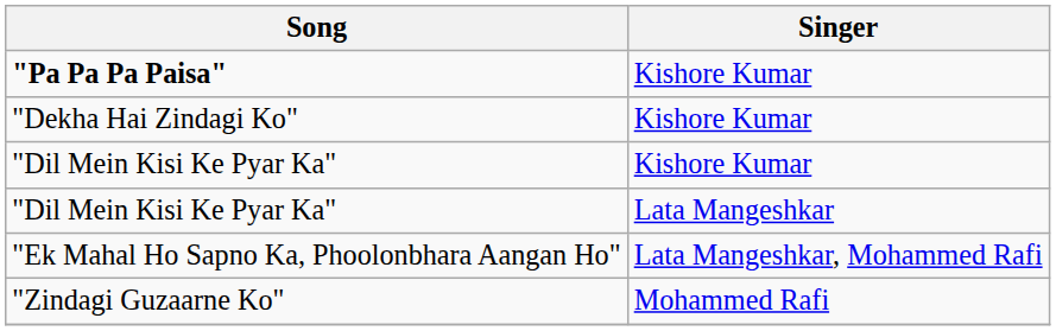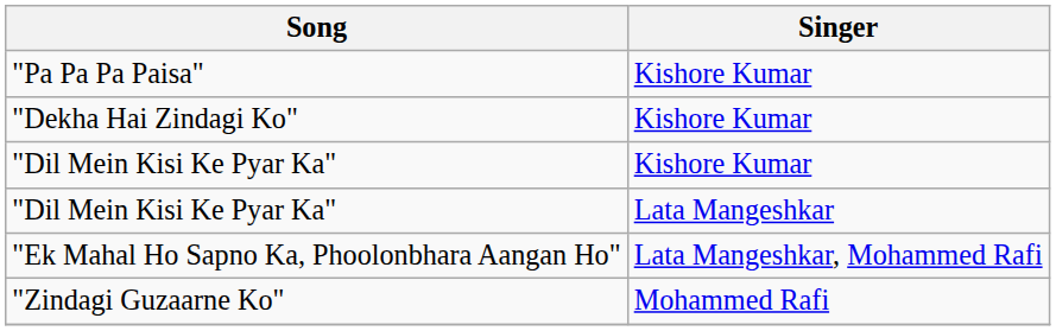 <table class="wikitable">
 <tr>
 <th>Song</th>
 <th>Singer</th>
 </tr>
 <tr>
-<td><strong>"Pa Pa Pa Paisa"</strong></td>
+<td>"Pa Pa Pa Paisa"</td>
 <td><a href='#'>Kishore Kumar</a></td>
 </tr>
 <tr>
 <td>"Dekha Hai Zindagi Ko"</td>
 <td><a href='#'>Kishore Kumar</a></td>
 </tr>
 <tr>
 <td>"Dil Mein Kisi Ke Pyar Ka"</td>
 <td><a href='#'>Kishore Kumar</a></td>
 </tr>
 <tr>
 <td>"Dil Mein Kisi Ke Pyar Ka"</td>
 <td><a href='#'>Lata Mangeshkar</a></td>
 </tr>
 <tr>
 <td>"Ek Mahal Ho Sapno Ka, Phoolonbhara Aangan Ho"</td>
 <td><a href='#'>Lata Mangeshkar</a>, <a href='#'>Mohammed Rafi</a></td>
 </tr>
 <tr>
 <td>"Zindagi Guzaarne Ko"</td>
 <td><a href='#'>Mohammed Rafi</a></td>
 </tr>
 <tr>
 </tr>
 </table>
